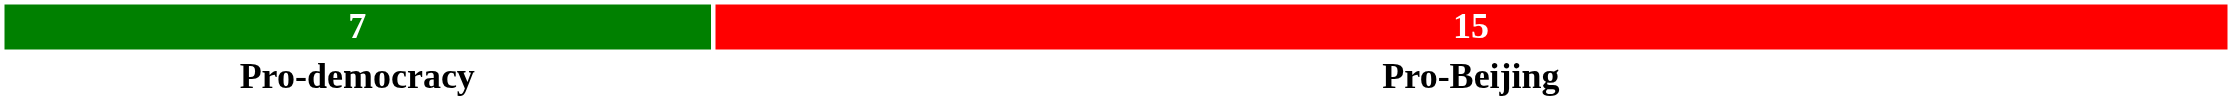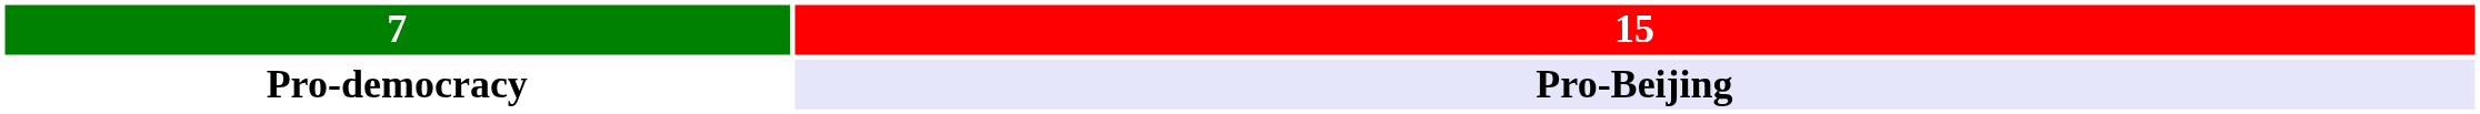 <table style="width:50%; text-align:center;">
 <tr style="color:white;">
 <td style="background:green; width:31.8%;"><strong>7</strong></td>
 <td style="background:red; width:68.2%;"><strong>15</strong></td>
 </tr>
 <tr>
 <td><span><strong>Pro-democracy</strong></span></td>
-<td><span><strong>Pro-Beijing</strong></span></td>
+<td style="background: lavender;"><span><strong>Pro-Beijing</strong></span></td>
 </tr>
 </table>
